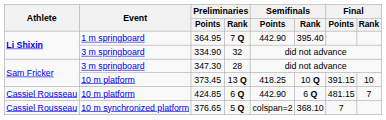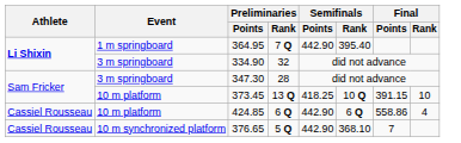 <table class="wikitable" style="text-align:center; font-size:90%">
 <tr>
 <th rowspan=2>Athlete</th>
 <th rowspan=2>Event</th>
 <th colspan=2>Preliminaries</th>
 <th colspan=2>Semifinals</th>
 <th colspan=2>Final</th>
 </tr>
 <tr style="font-size:95%">
 <th>Points</th>
 <th>Rank</th>
 <th>Points</th>
 <th>Rank</th>
 <th>Points</th>
 <th>Rank</th>
 </tr>
 <tr>
 <td rowspan=2 align=left><strong><a href='#'>Li Shixin</a></strong></td>
 <td align=left><a href='#'>1 m springboard</a></td>
 <td>364.95</td>
 <td>7 <strong>Q</strong></td>
 <td>442.90</td>
 <td>395.40</td>
 <td></td>
 </tr>
 <tr>
 <td align=left><a href='#'>3 m springboard</a></td>
 <td>334.90</td>
 <td>32</td>
 <td colspan=4>did not advance</td>
 </tr>
 <tr>
 <td rowspan=2 align=left><a href='#'>Sam Fricker</a></td>
 <td align=left><a href='#'>3 m springboard</a></td>
 <td>347.30</td>
 <td>28</td>
 <td colspan=4>did not advance</td>
 </tr>
 <tr>
 <td align=left><a href='#'>10 m platform</a></td>
 <td>373.45</td>
 <td>13 <strong>Q</strong></td>
 <td>418.25</td>
 <td>10 <strong>Q</strong></td>
 <td>391.15</td>
 <td>10</td>
 </tr>
 <tr>
 <td align=left><a href='#'>Cassiel Rousseau</a></td>
 <td align=left><a href='#'>10 m platform</a></td>
 <td>424.85</td>
 <td>6 <strong>Q</strong></td>
 <td>442.90</td>
 <td>6 <strong>Q</strong></td>
-<td>481.15</td>
-<td>7</td>
+<td>558.86</td>
+<td>4</td>
 </tr>
 <tr>
 <td align=left><a href='#'>Cassiel Rousseau</a></td>
 <td align=left><a href='#'>10 m synchronized platform</a></td>
 <td>376.65</td>
 <td>5 <strong>Q</strong></td>
-<td>colspan=2 </td>
+<td>442.90</td>
 <td>368.10</td>
 <td>7</td>
 </tr>
 </table>
